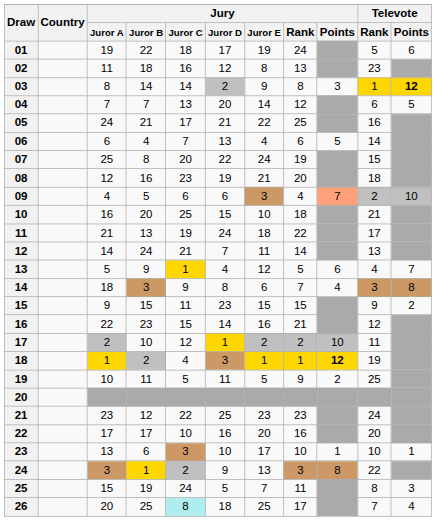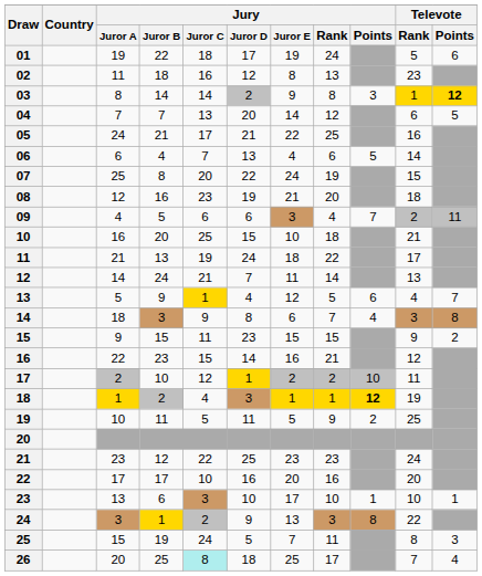 <table class="sortable wikitable collapsible plainrowheaders" style="text-align:center;">
 <tr>
 </tr>
 <tr>
 <th scope="col" rowspan="2">Draw</th>
 <th scope="col" rowspan="2">Country</th>
 <th scope="col" colspan="7">Jury</th>
 <th scope="col" colspan="2">Televote</th>
 </tr>
 <tr>
 <th scope="col"><small>Juror A</small></th>
 <th scope="col"><small>Juror B</small></th>
 <th scope="col"><small>Juror C</small></th>
 <th scope="col"><small>Juror D</small></th>
 <th scope="col"><small>Juror E</small></th>
 <th scope="col">Rank</th>
 <th scope="col" class="unsortable">Points</th>
 <th scope="col">Rank</th>
 <th scope="col" class="unsortable">Points</th>
 </tr>
 <tr>
 <th scope="row" style="text-align:center;">01</th>
 <td style="text-align:left;"></td>
 <td>19</td>
 <td>22</td>
 <td>18</td>
 <td>17</td>
 <td>19</td>
 <td>24</td>
 <td style="background:#AAAAAA;"></td>
 <td>5</td>
 <td>6</td>
 </tr>
 <tr>
 <th scope="row" style="text-align:center;">02</th>
 <td style="text-align:left;"></td>
 <td>11</td>
 <td>18</td>
 <td>16</td>
 <td>12</td>
 <td>8</td>
 <td>13</td>
 <td style="background:#AAAAAA;"></td>
 <td>23</td>
 <td style="background:#AAAAAA;"></td>
 </tr>
 <tr>
 <th scope="row" style="text-align:center;">03</th>
 <td style="text-align:left;"></td>
 <td>8</td>
 <td>14</td>
 <td>14</td>
 <td style="background:silver;">2</td>
 <td>9</td>
 <td>8</td>
 <td>3</td>
 <td style="background:gold;">1</td>
 <td style="background:gold;"><strong>12</strong></td>
 </tr>
 <tr>
 <th scope="row" style="text-align:center;">04</th>
 <td style="text-align:left;"></td>
 <td>7</td>
 <td>7</td>
 <td>13</td>
 <td>20</td>
 <td>14</td>
 <td>12</td>
 <td style="background:#AAAAAA;"></td>
 <td>6</td>
 <td>5</td>
 </tr>
 <tr>
 <th scope="row" style="text-align:center;">05</th>
 <td style="text-align:left;"></td>
 <td>24</td>
 <td>21</td>
 <td>17</td>
 <td>21</td>
 <td>22</td>
 <td>25</td>
 <td style="background:#AAAAAA;"></td>
 <td>16</td>
 <td style="background:#AAAAAA;"></td>
 </tr>
 <tr>
 <th scope="row" style="text-align:center;">06</th>
 <td style="text-align:left;"></td>
 <td>6</td>
 <td>4</td>
 <td>7</td>
 <td>13</td>
 <td>4</td>
 <td>6</td>
 <td>5</td>
 <td>14</td>
 <td style="background:#AAAAAA;"></td>
 </tr>
 <tr>
 <th scope="row" style="text-align:center;">07</th>
 <td style="text-align:left;"></td>
 <td>25</td>
 <td>8</td>
 <td>20</td>
 <td>22</td>
 <td>24</td>
 <td>19</td>
 <td style="background:#AAAAAA;"></td>
 <td>15</td>
 <td style="background:#AAAAAA;"></td>
 </tr>
 <tr>
 <th scope="row" style="text-align:center;">08</th>
 <td style="text-align:left;"></td>
 <td>12</td>
 <td>16</td>
 <td>23</td>
 <td>19</td>
 <td>21</td>
 <td>20</td>
 <td style="background:#AAAAAA;"></td>
 <td>18</td>
 <td style="background:#AAAAAA;"></td>
 </tr>
 <tr>
 <th scope="row" style="text-align:center;">09</th>
 <td style="text-align:left;"></td>
 <td>4</td>
 <td>5</td>
 <td>6</td>
 <td>6</td>
 <td style="background:#CC9966;">3</td>
 <td>4</td>
-<td style="background: lightsalmon;">7</td>
+<td>7</td>
 <td style="background:silver;">2</td>
-<td style="background:silver;">10</td>
+<td style="background:silver;">11</td>
 </tr>
 <tr>
 <th scope="row" style="text-align:center;">10</th>
 <td style="text-align:left;"></td>
 <td>16</td>
 <td>20</td>
 <td>25</td>
 <td>15</td>
 <td>10</td>
 <td>18</td>
 <td style="background:#AAAAAA;"></td>
 <td>21</td>
 <td style="background:#AAAAAA;"></td>
 </tr>
 <tr>
 <th scope="row" style="text-align:center;">11</th>
 <td style="text-align:left;"></td>
 <td>21</td>
 <td>13</td>
 <td>19</td>
 <td>24</td>
 <td>18</td>
 <td>22</td>
 <td style="background:#AAAAAA;"></td>
 <td>17</td>
 <td style="background:#AAAAAA;"></td>
 </tr>
 <tr>
 <th scope="row" style="text-align:center;">12</th>
 <td style="text-align:left;"></td>
 <td>14</td>
 <td>24</td>
 <td>21</td>
 <td>7</td>
 <td>11</td>
 <td>14</td>
 <td style="background:#AAAAAA;"></td>
 <td>13</td>
 <td style="background:#AAAAAA;"></td>
 </tr>
 <tr>
 <th scope="row" style="text-align:center;">13</th>
 <td style="text-align:left;"></td>
 <td>5</td>
 <td>9</td>
 <td style="background:gold;">1</td>
 <td>4</td>
 <td>12</td>
 <td>5</td>
 <td>6</td>
 <td>4</td>
 <td>7</td>
 </tr>
 <tr>
 <th scope="row" style="text-align:center;">14</th>
 <td style="text-align:left;"></td>
 <td>18</td>
 <td style="background:#CC9966;">3</td>
 <td>9</td>
 <td>8</td>
 <td>6</td>
 <td>7</td>
 <td>4</td>
 <td style="background:#CC9966;">3</td>
 <td style="background:#CC9966;">8</td>
 </tr>
 <tr>
 <th scope="row" style="text-align:center;">15</th>
 <td style="text-align:left;"></td>
 <td>9</td>
 <td>15</td>
 <td>11</td>
 <td>23</td>
 <td>15</td>
 <td>15</td>
 <td style="background:#AAAAAA;"></td>
 <td>9</td>
 <td>2</td>
 </tr>
 <tr>
 <th scope="row" style="text-align:center;">16</th>
 <td style="text-align:left;"></td>
 <td>22</td>
 <td>23</td>
 <td>15</td>
 <td>14</td>
 <td>16</td>
 <td>21</td>
 <td style="background:#AAAAAA;"></td>
 <td>12</td>
 <td style="background:#AAAAAA;"></td>
 </tr>
 <tr>
 <th scope="row" style="text-align:center;">17</th>
 <td style="text-align:left;"></td>
 <td style="background:silver;">2</td>
 <td>10</td>
 <td>12</td>
 <td style="background:gold;">1</td>
 <td style="background:silver;">2</td>
 <td style="background:silver;">2</td>
 <td style="background:silver;">10</td>
 <td>11</td>
 <td style="background:#AAAAAA;"></td>
 </tr>
 <tr>
 <th scope="row" style="text-align:center;">18</th>
 <td style="text-align:left;"></td>
 <td style="background:gold;">1</td>
 <td style="background:silver;">2</td>
 <td>4</td>
 <td style="background:#CC9966;">3</td>
 <td style="background:gold;">1</td>
 <td style="background:gold;">1</td>
 <td style="background:gold;"><strong>12</strong></td>
 <td>19</td>
 <td style="background:#AAAAAA;"></td>
 </tr>
 <tr>
 <th scope="row" style="text-align:center;">19</th>
 <td style="text-align:left;"></td>
 <td>10</td>
 <td>11</td>
 <td>5</td>
 <td>11</td>
 <td>5</td>
 <td>9</td>
 <td>2</td>
 <td>25</td>
 <td style="background:#AAAAAA;"></td>
 </tr>
 <tr class=sortbottom>
 <th scope="row" style="text-align:center;">20</th>
 <td style="text-align:left;"></td>
 <td style="background:#AAAAAA;"></td>
 <td style="background:#AAAAAA;"></td>
 <td style="background:#AAAAAA;"></td>
 <td style="background:#AAAAAA;"></td>
 <td style="background:#AAAAAA;"></td>
 <td style="background:#AAAAAA;"></td>
 <td style="background:#AAAAAA;"></td>
 <td style="background:#AAAAAA;"></td>
 <td style="background:#AAAAAA;"></td>
 </tr>
 <tr>
 <th scope="row" style="text-align:center;">21</th>
 <td style="text-align:left;"></td>
 <td>23</td>
 <td>12</td>
 <td>22</td>
 <td>25</td>
 <td>23</td>
 <td>23</td>
 <td style="background:#AAAAAA;"></td>
 <td>24</td>
 <td style="background:#AAAAAA;"></td>
 </tr>
 <tr>
 <th scope="row" style="text-align:center;">22</th>
 <td style="text-align:left;"></td>
 <td>17</td>
 <td>17</td>
 <td>10</td>
 <td>16</td>
 <td>20</td>
 <td>16</td>
 <td style="background:#AAAAAA;"></td>
 <td>20</td>
 <td style="background:#AAAAAA;"></td>
 </tr>
 <tr>
 <th scope="row" style="text-align:center;">23</th>
 <td style="text-align:left;"></td>
 <td>13</td>
 <td>6</td>
 <td style="background:#CC9966;">3</td>
 <td>10</td>
 <td>17</td>
 <td>10</td>
 <td>1</td>
 <td>10</td>
 <td>1</td>
 </tr>
 <tr>
 <th scope="row" style="text-align:center;">24</th>
 <td style="text-align:left;"></td>
 <td style="background:#CC9966;">3</td>
 <td style="background:gold;">1</td>
 <td style="background:silver;">2</td>
 <td>9</td>
 <td>13</td>
 <td style="background:#CC9966;">3</td>
 <td style="background:#CC9966;">8</td>
 <td>22</td>
 <td style="background:#AAAAAA;"></td>
 </tr>
 <tr>
 <th scope="row" style="text-align:center;">25</th>
 <td style="text-align:left;"></td>
 <td>15</td>
 <td>19</td>
 <td>24</td>
 <td>5</td>
 <td>7</td>
 <td>11</td>
 <td style="background:#AAAAAA;"></td>
 <td>8</td>
 <td>3</td>
 </tr>
 <tr>
 <th scope="row" style="text-align:center;">26</th>
 <td style="text-align:left;"></td>
 <td>20</td>
 <td>25</td>
 <td style="background: paleturquoise;">8</td>
 <td>18</td>
 <td>25</td>
 <td>17</td>
 <td style="background:#AAAAAA;"></td>
 <td>7</td>
 <td>4</td>
 </tr>
 </table>
